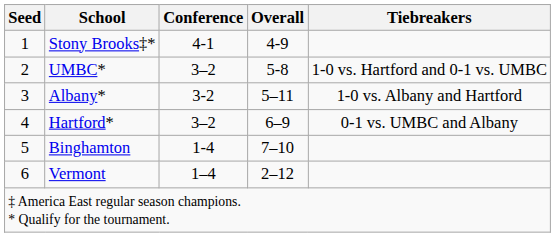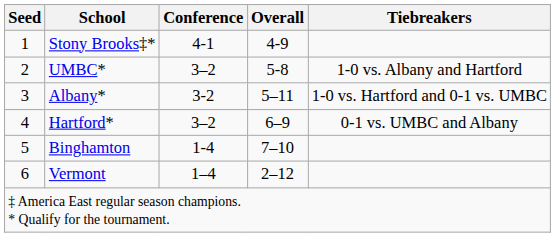 <table class="wikitable" style="text-align:center">
 <tr>
 <th>Seed</th>
 <th>School</th>
 <th>Conference</th>
 <th>Overall</th>
 <th>Tiebreakers</th>
 </tr>
 <tr>
 <td>1</td>
 <td align=left><a href='#'>Stony Brooks</a>‡*</td>
 <td>4-1</td>
 <td>4-9</td>
 <td></td>
 </tr>
 <tr>
 <td>2</td>
 <td align=left><a href='#'>UMBC</a>*</td>
 <td>3–2</td>
 <td>5-8</td>
-<td>1-0 vs. Hartford and 0-1 vs. UMBC</td>
+<td>1-0 vs. Albany and Hartford</td>
 </tr>
 <tr>
 <td>3</td>
 <td align=left><a href='#'>Albany</a>*</td>
 <td>3-2</td>
 <td>5–11</td>
-<td>1-0 vs. Albany and Hartford</td>
+<td>1-0 vs. Hartford and 0-1 vs. UMBC</td>
 </tr>
 <tr>
 <td>4</td>
 <td align=left><a href='#'>Hartford</a>*</td>
 <td>3–2</td>
 <td>6–9</td>
 <td>0-1 vs. UMBC and Albany</td>
 </tr>
 <tr>
 <td>5</td>
 <td align=left><a href='#'>Binghamton</a></td>
 <td>1-4</td>
 <td>7–10</td>
 <td></td>
 </tr>
 <tr>
 <td>6</td>
 <td align=left><a href='#'>Vermont</a></td>
 <td>1–4</td>
 <td>2–12</td>
 <td></td>
 </tr>
 <tr>
 <td colspan=8 align=left><small>‡ America East regular season champions.<br>* Qualify for the tournament.</small></td>
 </tr>
 </table>
